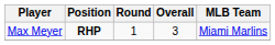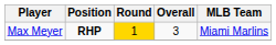 <table class="wikitable" style="text-align:center;">
 <tr>
 <th>Player</th>
 <th>Position</th>
 <th>Round</th>
 <th>Overall</th>
 <th>MLB Team</th>
 </tr>
 <tr>
 <td><a href='#'>Max Meyer</a></td>
 <td><strong>RHP</strong></td>
-<td>1</td>
+<td style="background: gold;">1</td>
 <td>3</td>
 <td><a href='#'>Miami Marlins</a></td>
 </tr>
 <tr>
 </tr>
 </table>
